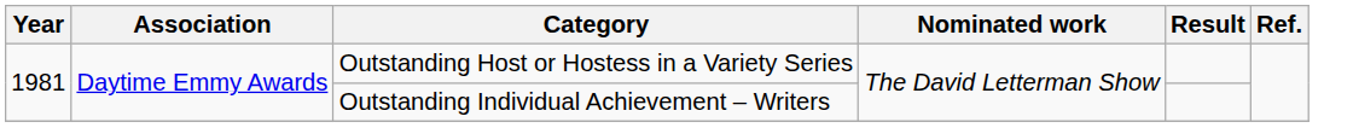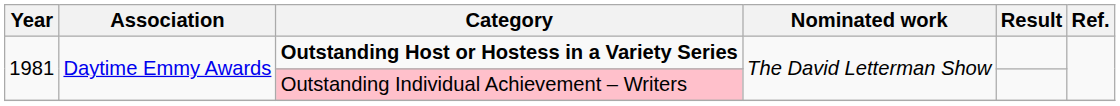 <table class="wikitable">
 <tr>
 <th scope="col">Year</th>
 <th scope="col">Association</th>
 <th scope="col">Category</th>
 <th scope="col">Nominated work</th>
 <th scope="col">Result</th>
 <th>Ref.</th>
 </tr>
 <tr>
 <td rowspan=2>1981</td>
 <td rowspan=2><a href='#'>Daytime Emmy Awards</a></td>
-<td>Outstanding Host or Hostess in a Variety Series</td>
+<td><strong>Outstanding Host or Hostess in a Variety Series</strong></td>
 <td rowspan=2><em>The David Letterman Show</em></td>
 <td></td>
 <td rowspan=2></td>
 </tr>
 <tr>
-<td>Outstanding Individual Achievement – Writers</td>
+<td style="background: pink;">Outstanding Individual Achievement – Writers</td>
 <td></td>
 </tr>
 <tr>
 </tr>
 </table>
